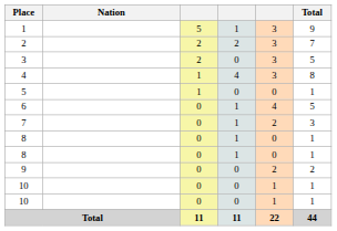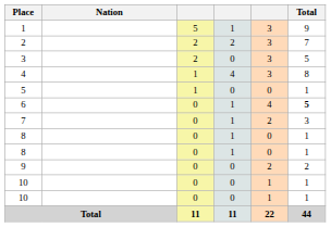 <table class=wikitable style="border:1px solid #AAAAAA;font-size:90%">
 <tr bgcolor="#EFEFEF">
 <th width=50>Place</th>
 <th width=200>Nation</th>
 <th width=50></th>
 <th width=50></th>
 <th width=50></th>
 <th width=50>Total</th>
 </tr>
 <tr align="center" valign="top" bgcolor="#FFFFFF">
 <td>1</td>
 <td align="left"></td>
 <td style="background:#F7F6A8;">5</td>
 <td style="background:#DCE5E5;">1</td>
 <td style="background:#FFDAB9;">3</td>
 <td>9</td>
 </tr>
 <tr align="center" valign="top" bgcolor="#FFFFFF">
 <td>2</td>
 <td align="left"></td>
 <td style="background:#F7F6A8;">2</td>
 <td style="background:#DCE5E5;">2</td>
 <td style="background:#FFDAB9;">3</td>
 <td>7</td>
 </tr>
 <tr align="center" valign="top" bgcolor="#FFFFFF">
 <td>3</td>
 <td align="left"></td>
 <td style="background:#F7F6A8;">2</td>
 <td style="background:#DCE5E5;">0</td>
 <td style="background:#FFDAB9;">3</td>
 <td>5</td>
 </tr>
 <tr align="center" valign="top" bgcolor="#FFFFFF">
 <td>4</td>
 <td align="left"></td>
 <td style="background:#F7F6A8;">1</td>
 <td style="background:#DCE5E5;">4</td>
 <td style="background:#FFDAB9;">3</td>
 <td>8</td>
 </tr>
 <tr align="center" valign="top" bgcolor="#FFFFFF">
 <td>5</td>
 <td align="left"></td>
 <td style="background:#F7F6A8;">1</td>
 <td style="background:#DCE5E5;">0</td>
 <td style="background:#FFDAB9;">0</td>
 <td>1</td>
 </tr>
 <tr align="center" valign="top" bgcolor="#FFFFFF">
 <td>6</td>
 <td align="left"></td>
 <td style="background:#F7F6A8;">0</td>
 <td style="background:#DCE5E5;">1</td>
 <td style="background:#FFDAB9;">4</td>
-<td>5</td>
+<td><strong>5</strong></td>
 </tr>
 <tr align="center" valign="top" bgcolor="#FFFFFF">
 <td>7</td>
 <td align="left"></td>
 <td style="background:#F7F6A8;">0</td>
 <td style="background:#DCE5E5;">1</td>
 <td style="background:#FFDAB9;">2</td>
 <td>3</td>
 </tr>
 <tr align="center" valign="top" bgcolor="#FFFFFF">
 <td>8</td>
 <td align="left"></td>
 <td style="background:#F7F6A8;">0</td>
 <td style="background:#DCE5E5;">1</td>
 <td style="background:#FFDAB9;">0</td>
 <td>1</td>
 </tr>
 <tr align="center" valign="top" bgcolor="#FFFFFF">
 <td>8</td>
 <td align="left"></td>
 <td style="background:#F7F6A8;">0</td>
 <td style="background:#DCE5E5;">1</td>
 <td style="background:#FFDAB9;">0</td>
 <td>1</td>
 </tr>
 <tr align="center" valign="top" bgcolor="#FFFFFF">
 <td>9</td>
 <td align="left"></td>
 <td style="background:#F7F6A8;">0</td>
 <td style="background:#DCE5E5;">0</td>
 <td style="background:#FFDAB9;">2</td>
 <td>2</td>
 </tr>
 <tr align="center" valign="top" bgcolor="#FFFFFF">
 <td>10</td>
 <td align="left"></td>
 <td style="background:#F7F6A8;">0</td>
 <td style="background:#DCE5E5;">0</td>
 <td style="background:#FFDAB9;">1</td>
 <td>1</td>
 </tr>
 <tr align="center" valign="top" bgcolor="#FFFFFF">
 <td>10</td>
 <td align="left"></td>
 <td style="background:#F7F6A8;">0</td>
 <td style="background:#DCE5E5;">0</td>
 <td style="background:#FFDAB9;">1</td>
 <td>1</td>
 </tr>
 <tr align="center">
 <td colspan="2" bgcolor=D3D3D3><strong>Total</strong></td>
 <td style="background:#F7F6A8;"><strong>11</strong></td>
 <td style="background:#DCE5E5;"><strong>11</strong></td>
 <td style="background:#FFDAB9;"><strong>22</strong></td>
 <td bgcolor=D3D3D3><strong>44</strong></td>
 </tr>
 </table>
